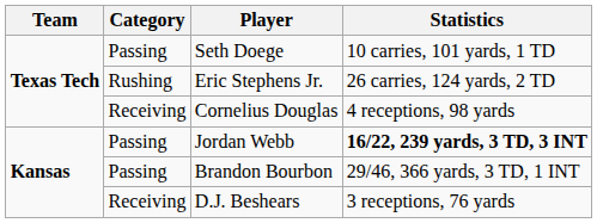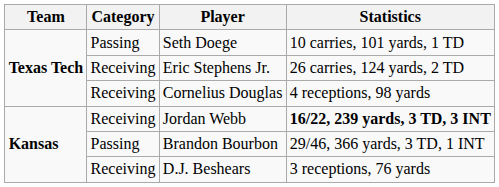 <table class="wikitable" style="float: right;">
 <tr>
 <th>Team</th>
 <th>Category</th>
 <th>Player</th>
 <th>Statistics</th>
 </tr>
 <tr>
 <td rowspan=3><strong>Texas Tech</strong></td>
 <td>Passing</td>
 <td>Seth Doege</td>
 <td>10 carries, 101 yards, 1 TD</td>
 </tr>
 <tr>
-<td>Rushing</td>
+<td>Receiving</td>
 <td>Eric Stephens Jr.</td>
 <td>26 carries, 124 yards, 2 TD</td>
 </tr>
 <tr>
 <td>Receiving</td>
 <td>Cornelius Douglas</td>
 <td>4 receptions, 98 yards</td>
 </tr>
 <tr>
 <td rowspan=3><strong>Kansas</strong></td>
-<td>Passing</td>
+<td>Receiving</td>
 <td>Jordan Webb</td>
 <td><strong>16/22, 239 yards, 3 TD, 3 INT</strong></td>
 </tr>
 <tr>
 <td>Passing</td>
 <td>Brandon Bourbon</td>
 <td>29/46, 366 yards, 3 TD, 1 INT</td>
 </tr>
 <tr>
 <td>Receiving</td>
 <td>D.J. Beshears</td>
 <td>3 receptions, 76 yards</td>
 </tr>
 </table>
